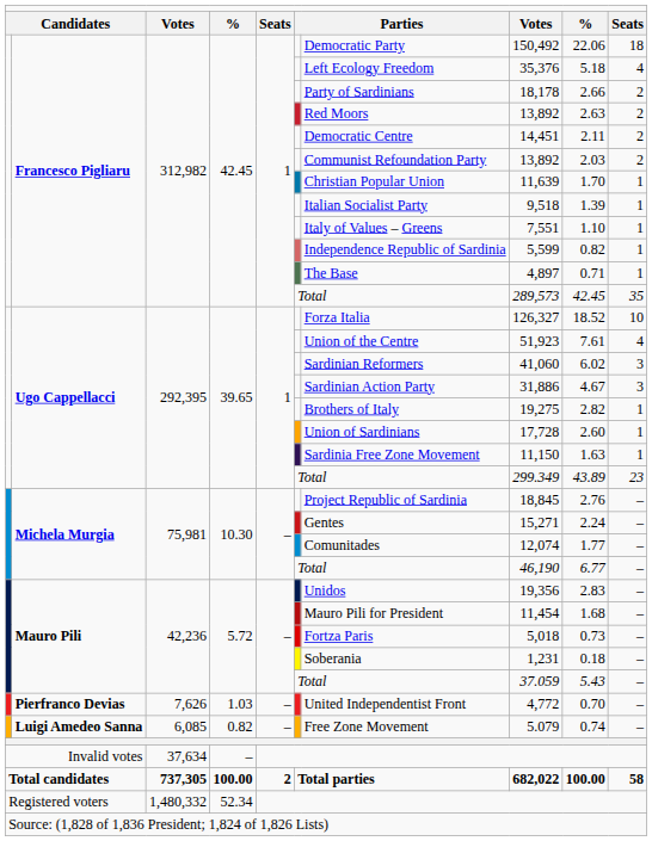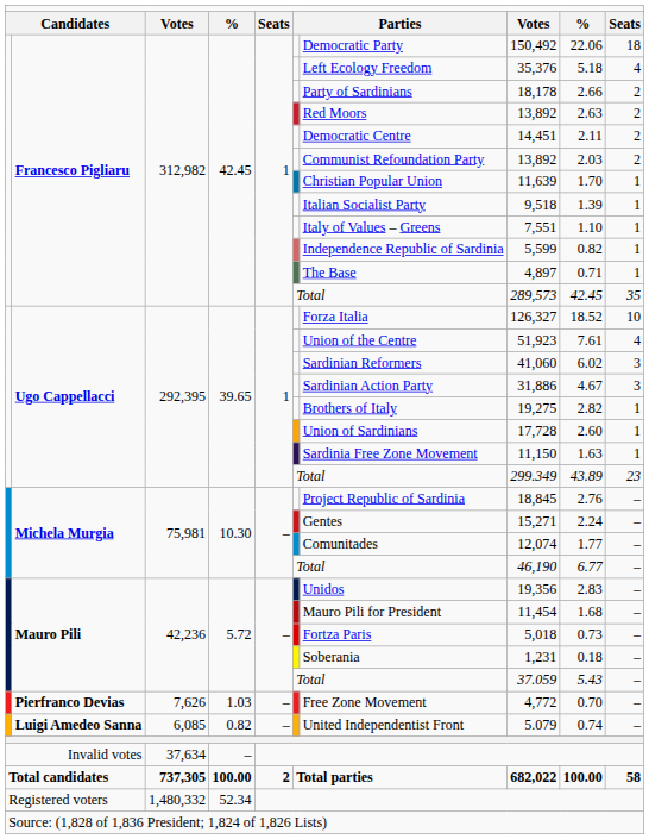 <table class="wikitable" style="text-align:right">
 <tr>
 <td colspan="10"></td>
 </tr>
 <tr>
 <th colspan="2">Candidates</th>
 <th>Votes</th>
 <th>%</th>
 <th>Seats</th>
 <th colspan="2">Parties</th>
 <th>Votes</th>
 <th>%</th>
 <th>Seats</th>
 </tr>
 <tr>
 <td rowspan="12"></td>
 <td rowspan="12" align="left"><strong><a href='#'>Francesco Pigliaru</a></strong></td>
 <td rowspan="12">312,982</td>
 <td rowspan="12">42.45</td>
 <td rowspan="12">1</td>
 <td></td>
 <td align="left"><a href='#'>Democratic Party</a></td>
 <td>150,492</td>
 <td>22.06</td>
 <td>18</td>
 </tr>
 <tr>
 <td></td>
 <td align="left"><a href='#'>Left Ecology Freedom</a></td>
 <td>35,376</td>
 <td>5.18</td>
 <td>4</td>
 </tr>
 <tr>
 <td></td>
 <td align="left"><a href='#'>Party of Sardinians</a></td>
 <td>18,178</td>
 <td>2.66</td>
 <td>2</td>
 </tr>
 <tr>
 <td style="background-color:#C71E2E"></td>
 <td align="left"><a href='#'>Red Moors</a></td>
 <td>13,892</td>
 <td>2.63</td>
 <td>2</td>
 </tr>
 <tr>
 <td></td>
 <td align="left"><a href='#'>Democratic Centre</a></td>
 <td>14,451</td>
 <td>2.11</td>
 <td>2</td>
 </tr>
 <tr>
 <td></td>
 <td align="left"><a href='#'>Communist Refoundation Party</a></td>
 <td>13,892</td>
 <td>2.03</td>
 <td>2</td>
 </tr>
 <tr>
 <td bgcolor="#0078AA"></td>
 <td align="left"><a href='#'>Christian Popular Union</a></td>
 <td>11,639</td>
 <td>1.70</td>
 <td>1</td>
 </tr>
 <tr>
 <td></td>
 <td align="left"><a href='#'>Italian Socialist Party</a></td>
 <td>9,518</td>
 <td>1.39</td>
 <td>1</td>
 </tr>
 <tr>
 <td></td>
 <td align="left"><a href='#'>Italy of Values</a> – <a href='#'>Greens</a></td>
 <td>7,551</td>
 <td>1.10</td>
 <td>1</td>
 </tr>
 <tr>
 <td bgcolor="#D56666"></td>
 <td align="left"><a href='#'>Independence Republic of Sardinia</a></td>
 <td>5,599</td>
 <td>0.82</td>
 <td>1</td>
 </tr>
 <tr>
 <td bgcolor="#4E7451"></td>
 <td align="left"><a href='#'>The Base</a></td>
 <td>4,897</td>
 <td>0.71</td>
 <td>1</td>
 </tr>
 <tr>
 <td colspan="2" align="left"><em>Total</em></td>
 <td><em>289,573</em></td>
 <td><em>42.45</em></td>
 <td><em>35</em></td>
 </tr>
 <tr>
 <td rowspan="8"></td>
 <td rowspan="8" align="left"><strong><a href='#'>Ugo Cappellacci</a></strong></td>
 <td rowspan="8">292,395</td>
 <td rowspan="8">39.65</td>
 <td rowspan="8">1</td>
 <td></td>
 <td align="left"><a href='#'>Forza Italia</a></td>
 <td>126,327</td>
 <td>18.52</td>
 <td>10</td>
 </tr>
 <tr>
 <td></td>
 <td align="left"><a href='#'>Union of the Centre</a></td>
 <td>51,923</td>
 <td>7.61</td>
 <td>4</td>
 </tr>
 <tr>
 <td></td>
 <td align="left"><a href='#'>Sardinian Reformers</a></td>
 <td>41,060</td>
 <td>6.02</td>
 <td>3</td>
 </tr>
 <tr>
 <td></td>
 <td align="left"><a href='#'>Sardinian Action Party</a></td>
 <td>31,886</td>
 <td>4.67</td>
 <td>3</td>
 </tr>
 <tr>
 <td></td>
 <td align="left"><a href='#'>Brothers of Italy</a></td>
 <td>19,275</td>
 <td>2.82</td>
 <td>1</td>
 </tr>
 <tr>
 <td bgcolor="orange"></td>
 <td align="left"><a href='#'>Union of Sardinians</a></td>
 <td>17,728</td>
 <td>2.60</td>
 <td>1</td>
 </tr>
 <tr>
 <td bgcolor="#2F1254"></td>
 <td align="left"><a href='#'>Sardinia Free Zone Movement</a></td>
 <td>11,150</td>
 <td>1.63</td>
 <td>1</td>
 </tr>
 <tr>
 <td colspan="2" align="left"><em>Total</em></td>
 <td><em>299.349</em></td>
 <td><em>43.89</em></td>
 <td><em>23</em></td>
 </tr>
 <tr>
 <td rowspan="4" bgcolor="#008DDS"></td>
 <td rowspan="4" align="left"><strong><a href='#'>Michela Murgia</a></strong></td>
 <td rowspan="4">75,981</td>
 <td rowspan="4">10.30</td>
 <td rowspan="4">–</td>
 <td></td>
 <td align="left"><a href='#'>Project Republic of Sardinia</a></td>
 <td>18,845</td>
 <td>2.76</td>
 <td>–</td>
 </tr>
 <tr>
 <td bgcolor="#CB1418"></td>
 <td align="left">Gentes</td>
 <td>15,271</td>
 <td>2.24</td>
 <td>–</td>
 </tr>
 <tr>
 <td bgcolor="#008DDS"></td>
 <td align="left">Comunitades</td>
 <td>12,074</td>
 <td>1.77</td>
 <td>–</td>
 </tr>
 <tr>
 <td colspan="2" align="left"><em>Total</em></td>
 <td><em>46,190</em></td>
 <td><em>6.77</em></td>
 <td><em>–</em></td>
 </tr>
 <tr>
 <td rowspan="5" style="background-color:#011A50"></td>
 <td rowspan="5" align="left"><strong>Mauro Pili</strong></td>
 <td rowspan="5">42,236</td>
 <td rowspan="5">5.72</td>
 <td rowspan="5">–</td>
 <td style="background-color:#011A50"></td>
 <td align="left"><a href='#'>Unidos</a></td>
 <td>19,356</td>
 <td>2.83</td>
 <td>–</td>
 </tr>
 <tr>
 <td style="background-color:#B50C0F"></td>
 <td align="left">Mauro Pili for President</td>
 <td>11,454</td>
 <td>1.68</td>
 <td>–</td>
 </tr>
 <tr>
 <td bgcolor="#DE0000"></td>
 <td align="left"><a href='#'>Fortza Paris</a></td>
 <td>5,018</td>
 <td>0.73</td>
 <td>–</td>
 </tr>
 <tr>
 <td bgcolor="#FFF500"></td>
 <td align="left">Soberania</td>
 <td>1,231</td>
 <td>0.18</td>
 <td>–</td>
 </tr>
 <tr>
 <td colspan="2" align="left"><em>Total</em></td>
 <td><em>37.059</em></td>
 <td><em>5.43</em></td>
 <td><em>–</em></td>
 </tr>
 <tr>
 <td style="background-color:#ED1D20"></td>
 <td align="left"><strong>Pierfranco Devias</strong></td>
 <td>7,626</td>
 <td>1.03</td>
 <td>–</td>
 <td style="background-color:#ED1D20"></td>
-<td align="left">United Independentist Front</td>
+<td align="left">Free Zone Movement</td>
 <td>4,772</td>
 <td>0.70</td>
 <td>–</td>
 </tr>
 <tr>
 <td style="background-color:#FFAF00"></td>
 <td align="left"><strong>Luigi Amedeo Sanna</strong></td>
 <td>6,085</td>
 <td>0.82</td>
 <td>–</td>
 <td style="background-color:#FFAF00"></td>
-<td align="left">Free Zone Movement</td>
+<td align="left">United Independentist Front</td>
 <td>5.079</td>
 <td>0.74</td>
 <td>–</td>
 </tr>
 <tr>
 <th colspan="10"></th>
 </tr>
 <tr>
 <td colspan="2">Invalid votes</td>
 <td align="right">37,634</td>
 <td align="right">–</td>
 <td colspan="6"></td>
 </tr>
 <tr>
 <td colspan="2" align="left"><strong>Total candidates</strong></td>
 <td><strong>737,305</strong></td>
 <td><strong>100.00</strong></td>
 <td><strong>2</strong></td>
 <td colspan="2" align="left"><strong>Total parties</strong></td>
 <td><strong>682,022</strong></td>
 <td><strong>100.00</strong></td>
 <td><strong>58</strong></td>
 </tr>
 <tr>
 <td colspan="2" align="left">Registered voters</td>
 <td>1,480,332</td>
 <td>52.34</td>
 <td colspan="6"></td>
 </tr>
 <tr>
 <td colspan="10" align="left">Source:   (1,828 of 1,836 President; 1,824 of 1,826 Lists)</td>
 </tr>
 </table>
